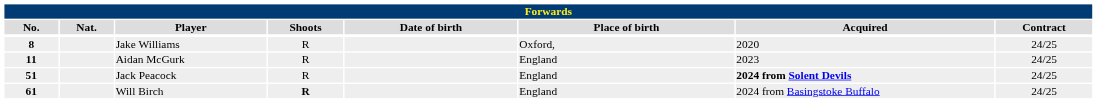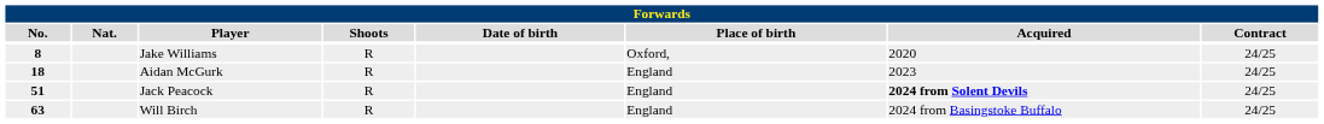 <table class="toccolours"  style="width:97%; clear:both; margin:1.5em auto; text-align:center;">
 <tr style="background:#ddd;">
 <th colspan="11" style="background:#003b73; color:#fdeb1b;”">Forwards</th>
 </tr>
 <tr style="background:#ddd;">
 <th width=5%>No.</th>
 <th width=5%>Nat.</th>
 <th !width=22%>Player</th>
 <th width=7%>Shoots</th>
 <th width=16%>Date of birth</th>
 <th width=20%>Place of birth</th>
 <th width=24%>Acquired</th>
 <td><strong>Contract</strong></td>
 </tr>
 <tr style="background:#eee;">
 </tr>
 <tr style="background:#eee;">
 <td><strong>8</strong></td>
 <td></td>
 <td align=left>Jake Williams</td>
 <td>R</td>
 <td align=left></td>
 <td align=left>Oxford,</td>
 <td align=left>2020</td>
 <td>24/25</td>
 </tr>
 <tr style="background:#eee;">
-<td><strong>11</strong></td>
+<td><strong>18</strong></td>
 <td></td>
 <td align=left>Aidan McGurk</td>
 <td>R</td>
 <td align=left></td>
 <td align=left>England</td>
 <td align=left>2023</td>
 <td>24/25</td>
 </tr>
 <tr style="background:#eee;">
 <td><strong>51</strong></td>
 <td></td>
 <td align=left>Jack Peacock</td>
 <td>R</td>
 <td align=left></td>
 <td align=left>England</td>
 <td align=left><strong>2024 from <a href='#'>Solent Devils</a></strong></td>
 <td>24/25</td>
 </tr>
 <tr style="background:#eee;">
-<td><strong>61</strong></td>
+<td><strong>63</strong></td>
 <td></td>
 <td align=left>Will Birch</td>
-<td><strong>R</strong></td>
+<td>R</td>
 <td align=left></td>
 <td align=left>England</td>
 <td align=left>2024 from <a href='#'>Basingstoke Buffalo</a></td>
 <td>24/25</td>
 </tr>
 <tr style="background:#eee;">
 </tr>
 </table>
